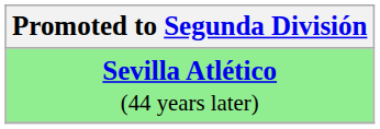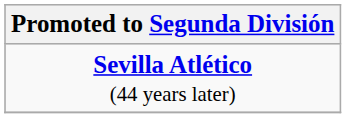 <table class="wikitable" style="text-align: center; margin: 0 auto;">
 <tr>
 <th colspan="2">Promoted to <a href='#'>Segunda División</a></th>
 </tr>
 <tr>
-<td style="background: lightgreen;"><strong><a href='#'>Sevilla Atlético</a></strong><br><small>(44 years later)</small></td>
+<td><strong><a href='#'>Sevilla Atlético</a></strong><br><small>(44 years later)</small></td>
 </tr>
 <tr>
 </tr>
 </table>
